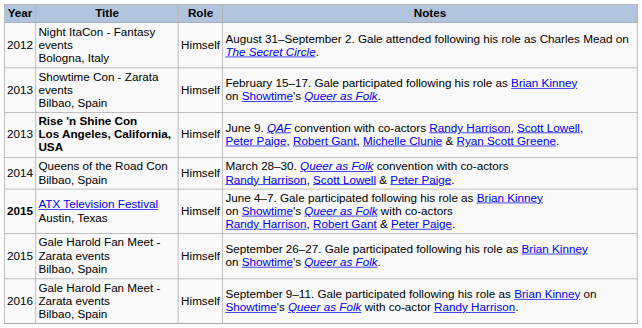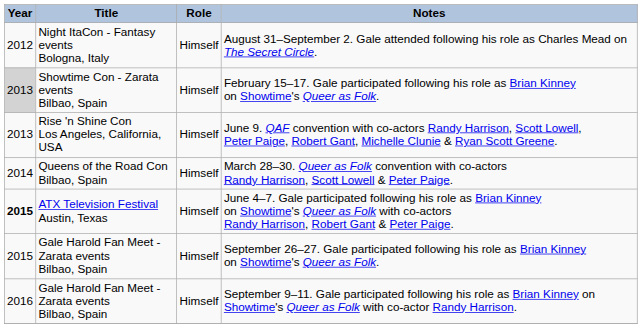 <table class="wikitable">
 <tr>
 <th style="background-color: #B0C4DE;">Year</th>
 <th style="background-color: #B0C4DE;">Title</th>
 <th style="background-color: #B0C4DE;">Role</th>
 <th style="background-color: #B0C4DE;">Notes</th>
 </tr>
 <tr>
 <td>2012</td>
 <td>Night ItaCon - Fantasy events <br>Bologna, Italy</td>
 <td>Himself</td>
 <td>August 31–September 2. Gale attended following his role as Charles Mead on <em><a href='#'>The Secret Circle</a></em>.</td>
 </tr>
 <tr>
-<td>2013</td>
+<td style="background: lightgrey;">2013</td>
 <td>Showtime Con - Zarata events <br>Bilbao, Spain</td>
 <td>Himself</td>
 <td>February 15–17. Gale participated following his role as <a href='#'>Brian Kinney</a><br>on <a href='#'>Showtime</a>'s <em><a href='#'>Queer as Folk</a></em>.</td>
 </tr>
 <tr>
 <td>2013</td>
-<td><strong>Rise 'n Shine Con <br>Los Angeles, California, USA</strong></td>
+<td>Rise 'n Shine Con <br>Los Angeles, California, USA</td>
 <td>Himself</td>
 <td>June 9. <em><a href='#'>QAF</a></em> convention with co-actors <a href='#'>Randy Harrison</a>, <a href='#'>Scott Lowell</a>, <br><a href='#'>Peter Paige</a>, <a href='#'>Robert Gant</a>, <a href='#'>Michelle Clunie</a> & <a href='#'>Ryan Scott Greene</a>.</td>
 </tr>
 <tr>
 <td>2014</td>
 <td>Queens of the Road Con <br>Bilbao, Spain</td>
 <td>Himself</td>
 <td>March 28–30. <em><a href='#'>Queer as Folk</a></em> convention with co-actors <br><a href='#'>Randy Harrison</a>, <a href='#'>Scott Lowell</a> & <a href='#'>Peter Paige</a>.</td>
 </tr>
 <tr>
 <td><strong>2015</strong></td>
 <td><a href='#'>ATX Television Festival</a> <br>Austin, Texas</td>
 <td>Himself</td>
 <td>June 4–7. Gale participated following his role as <a href='#'>Brian Kinney</a><br>on <a href='#'>Showtime</a>'s <em><a href='#'>Queer as Folk</a></em> with co-actors <br><a href='#'>Randy Harrison</a>, <a href='#'>Robert Gant</a> & <a href='#'>Peter Paige</a>.</td>
 </tr>
 <tr>
 <td>2015</td>
 <td>Gale Harold Fan Meet - Zarata events <br>Bilbao, Spain</td>
 <td>Himself</td>
 <td>September 26–27. Gale participated following his role as <a href='#'>Brian Kinney</a><br>on <a href='#'>Showtime</a>'s <em><a href='#'>Queer as Folk</a></em>.</td>
 </tr>
 <tr>
 <td>2016</td>
 <td>Gale Harold Fan Meet - Zarata events <br>Bilbao, Spain</td>
 <td>Himself</td>
 <td>September 9–11. Gale participated following his role as <a href='#'>Brian Kinney</a> on <a href='#'>Showtime</a>'s <em><a href='#'>Queer as Folk</a></em> with co-actor <a href='#'>Randy Harrison</a>.</td>
 </tr>
 <tr>
 </tr>
 </table>
